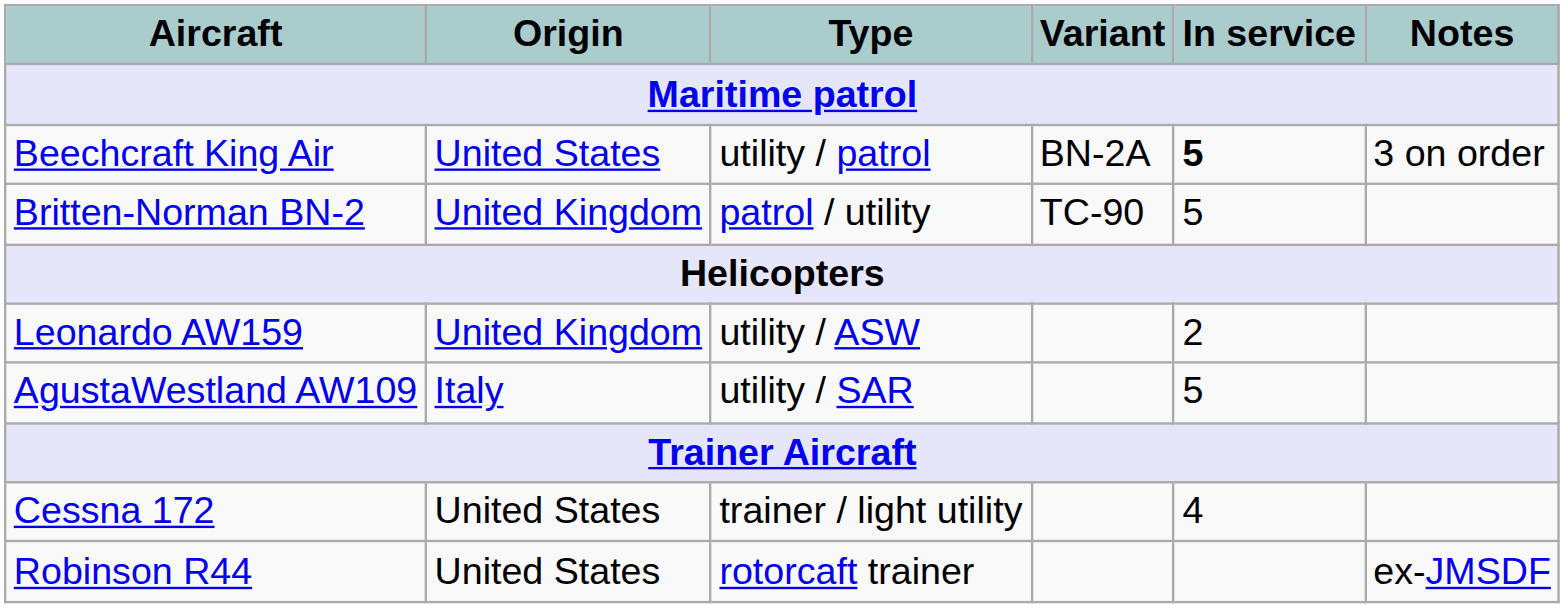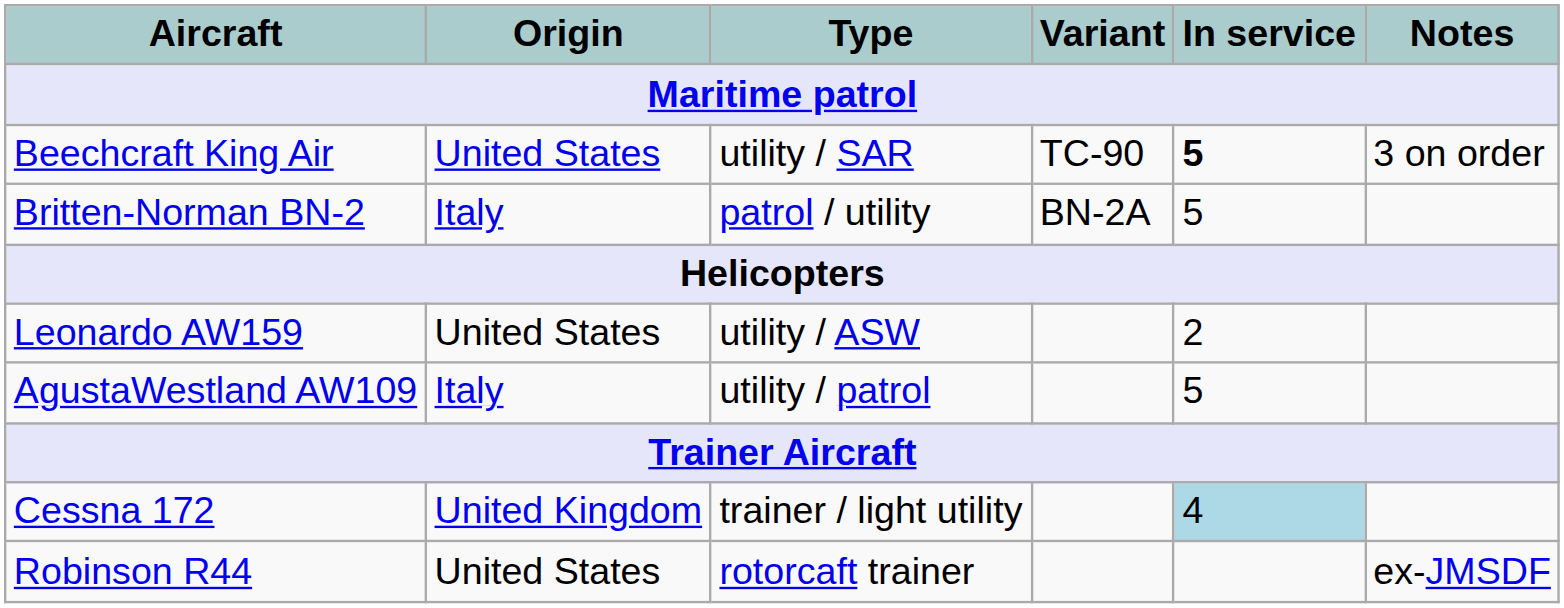 <table class="wikitable">
 <tr>
 <th style="text-align:center; background:#acc;">Aircraft</th>
 <th style="text-align: center; background:#acc;">Origin</th>
 <th style="text-align:l center; background:#acc;">Type</th>
 <th style="text-align:left; background:#acc;">Variant</th>
 <th style="text-align:center; background:#acc;">In service</th>
 <th style="text-align: center; background:#acc;">Notes</th>
 </tr>
 <tr>
 <th style="align: center; background: lavender;" colspan="6"><a href='#'>Maritime patrol</a></th>
 </tr>
 <tr>
 <td><a href='#'>Beechcraft King Air</a></td>
 <td><a href='#'>United States</a></td>
-<td>utility / <a href='#'> patrol</a></td>
-<td>BN-2A</td>
+<td>utility / <a href='#'>SAR</a></td>
+<td>TC-90</td>
 <td><strong>5</strong></td>
 <td>3 on order</td>
 </tr>
 <tr>
 <td><a href='#'>Britten-Norman BN-2</a></td>
-<td><a href='#'>United Kingdom</a></td>
+<td><a href='#'>Italy</a></td>
 <td><a href='#'> patrol</a> / utility</td>
-<td>TC-90</td>
+<td>BN-2A</td>
 <td>5</td>
 <td></td>
 </tr>
 <tr>
 <th style="align: center; background: lavender;" colspan="6">Helicopters</th>
 </tr>
 <tr>
 <td><a href='#'>Leonardo AW159</a></td>
-<td><a href='#'>United Kingdom</a></td>
+<td>United States</td>
 <td>utility / <a href='#'>ASW</a></td>
 <td></td>
 <td>2</td>
 <td></td>
 </tr>
 <tr>
 <td><a href='#'>AgustaWestland AW109</a></td>
 <td><a href='#'>Italy</a></td>
-<td>utility / <a href='#'>SAR</a></td>
+<td>utility / <a href='#'> patrol</a></td>
 <td></td>
 <td>5</td>
 <td></td>
 </tr>
 <tr>
 <th style="align: center; background: lavender;" colspan="7"><a href='#'>Trainer Aircraft</a></th>
 </tr>
 <tr>
 <td><a href='#'>Cessna 172</a></td>
-<td>United States</td>
+<td><a href='#'>United Kingdom</a></td>
 <td>trainer / light utility</td>
 <td></td>
-<td>4</td>
+<td style="background: lightblue;">4</td>
 <td></td>
 </tr>
 <tr>
 <td><a href='#'>Robinson R44</a></td>
 <td>United States</td>
 <td><a href='#'>rotorcaft</a> trainer</td>
 <td></td>
 <td></td>
 <td>ex-<a href='#'>JMSDF</a></td>
 </tr>
 </table>
